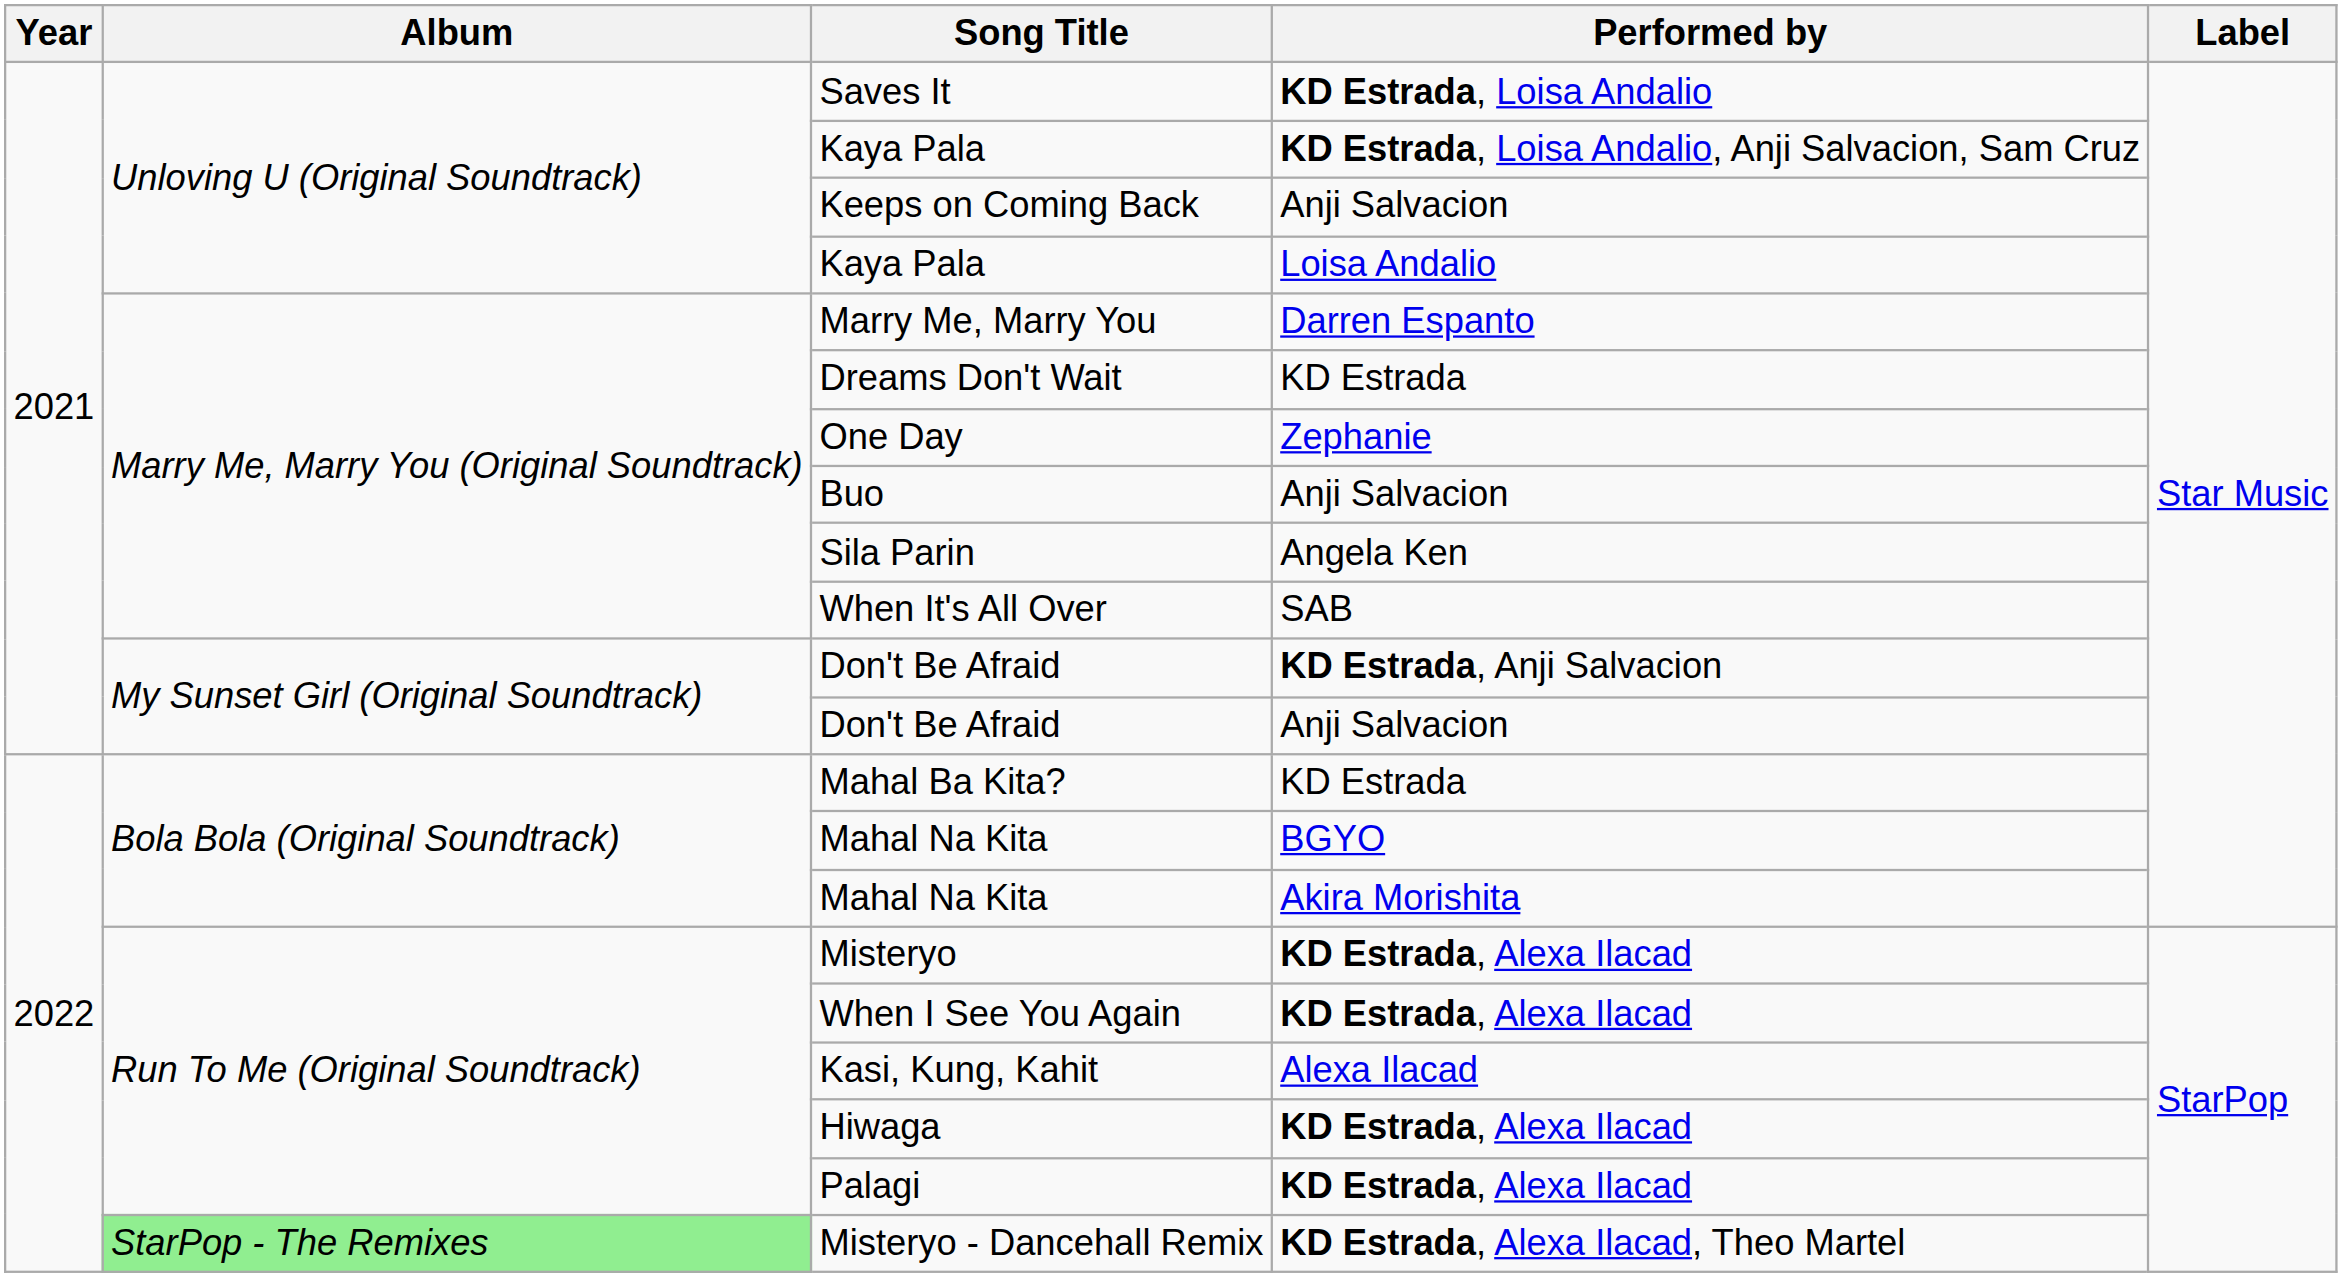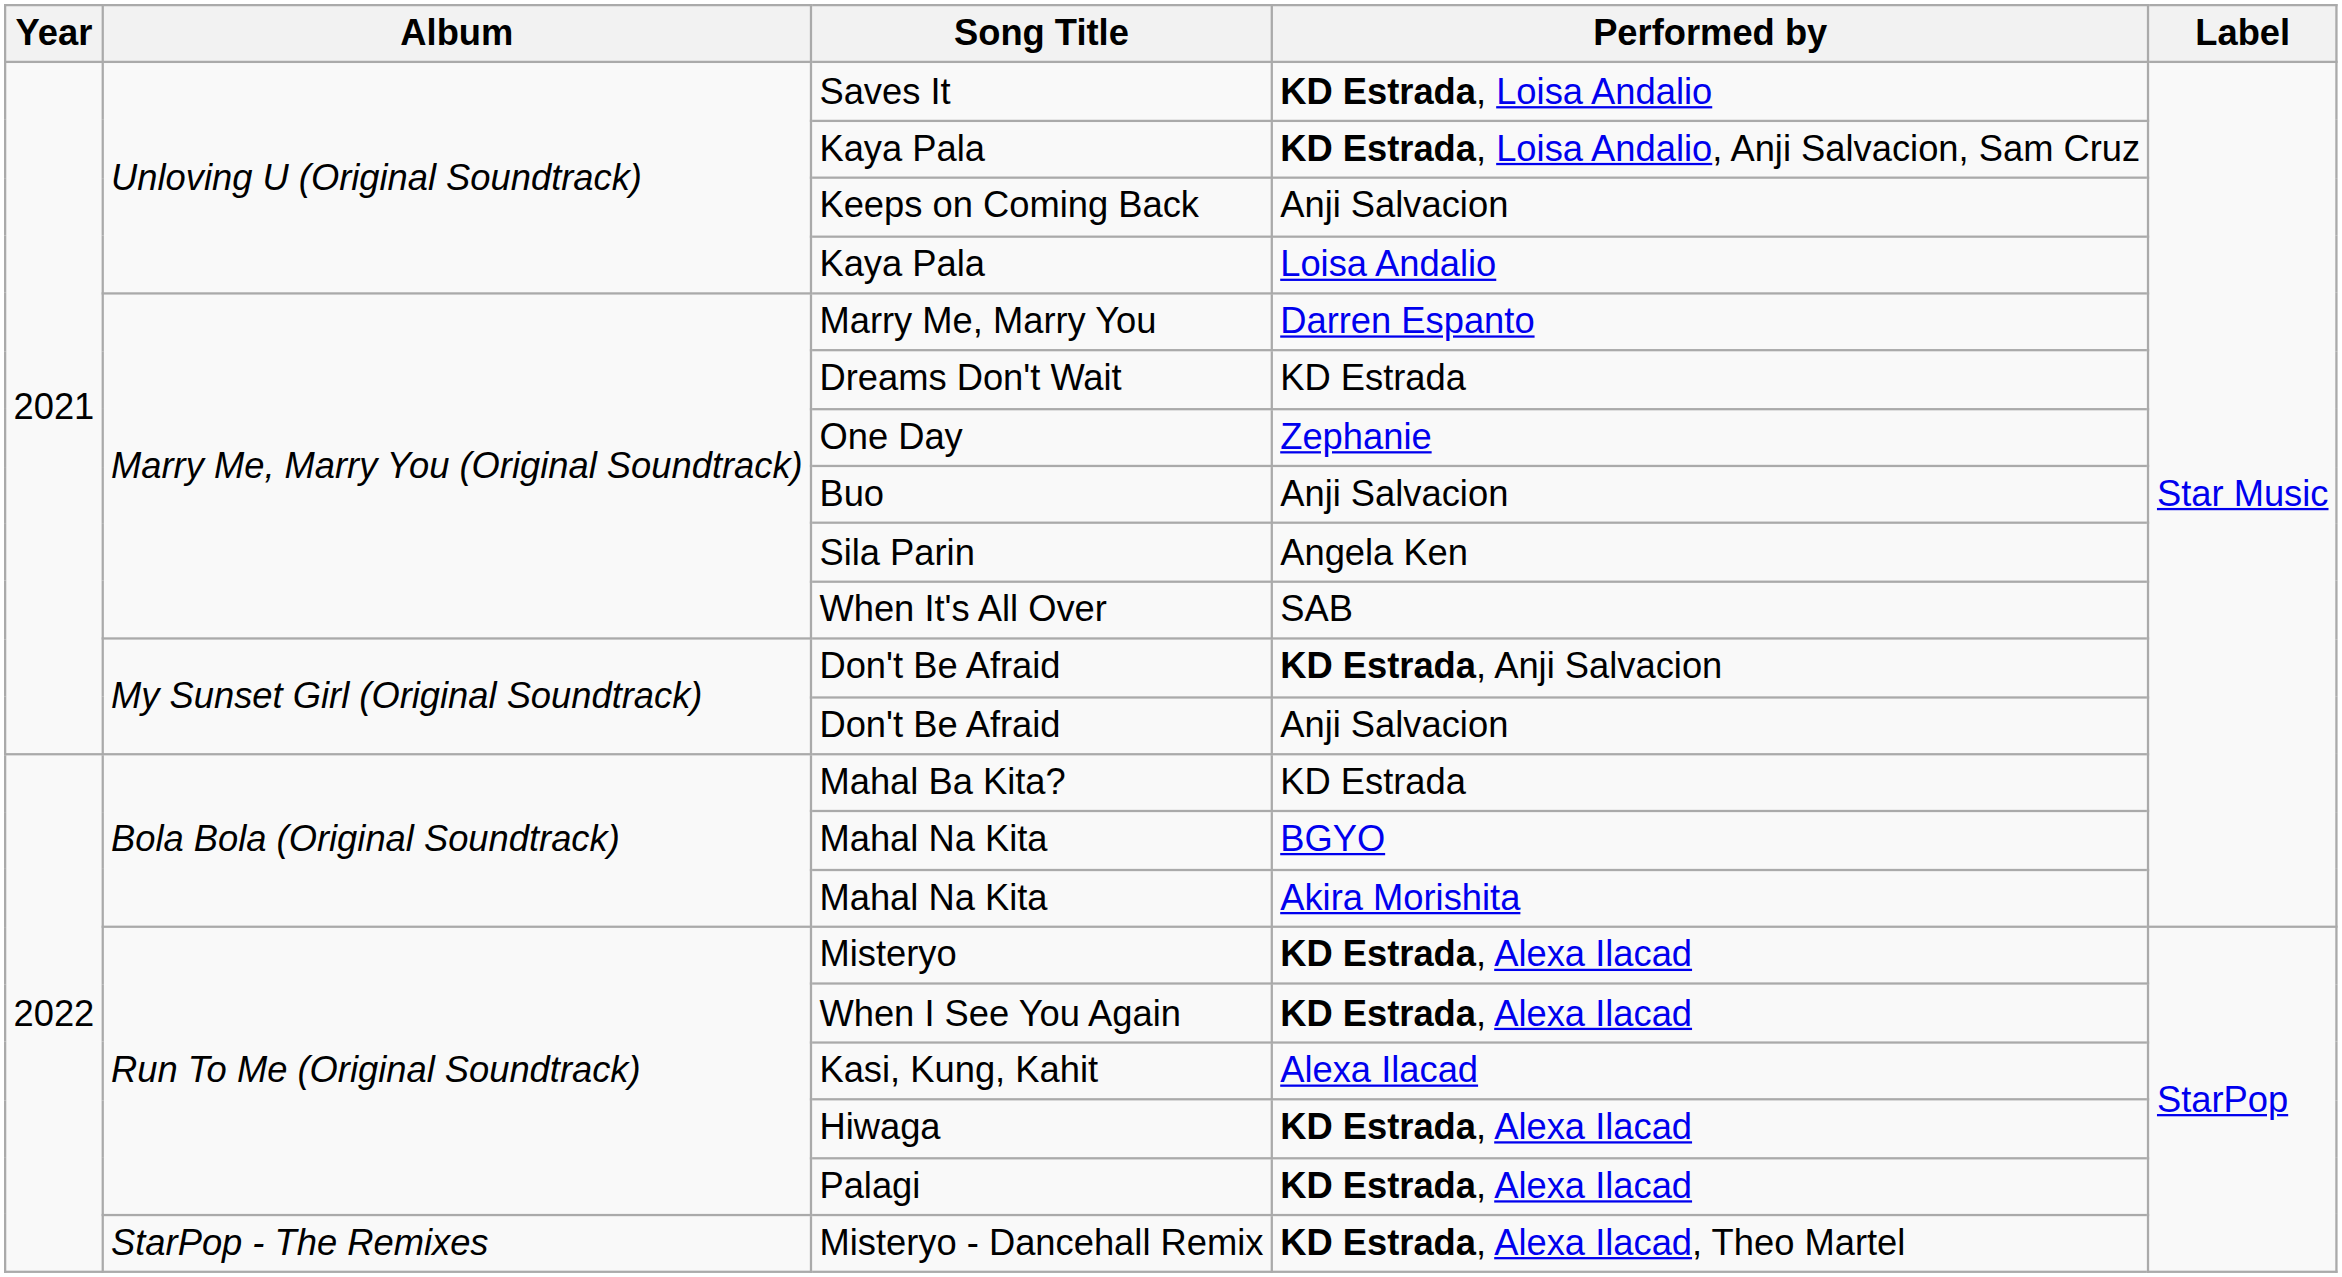 <table class="wikitable">
 <tr>
 <th>Year</th>
 <th>Album</th>
 <th>Song Title</th>
 <th>Performed by</th>
 <th>Label</th>
 </tr>
 <tr>
 <td rowspan="12">2021</td>
 <td rowspan="4"><em>Unloving U (Original Soundtrack)</em></td>
 <td>Saves It</td>
 <td><strong>KD Estrada</strong>, <a href='#'>Loisa Andalio</a></td>
 <td rowspan="15"><a href='#'>Star Music</a></td>
 </tr>
 <tr>
 <td>Kaya Pala</td>
 <td><strong>KD Estrada</strong>, <a href='#'>Loisa Andalio</a>, Anji Salvacion, Sam Cruz</td>
 </tr>
 <tr>
 <td>Keeps on Coming Back</td>
 <td>Anji Salvacion</td>
 </tr>
 <tr>
 <td>Kaya Pala</td>
 <td><a href='#'>Loisa Andalio</a></td>
 </tr>
 <tr>
 <td rowspan="6"><em>Marry Me, Marry You (Original Soundtrack)</em></td>
 <td>Marry Me, Marry You</td>
 <td><a href='#'>Darren Espanto</a></td>
 </tr>
 <tr>
 <td>Dreams Don't Wait</td>
 <td>KD Estrada</td>
 </tr>
 <tr>
 <td>One Day</td>
 <td><a href='#'>Zephanie</a></td>
 </tr>
 <tr>
 <td>Buo</td>
 <td>Anji Salvacion</td>
 </tr>
 <tr>
 <td>Sila Parin</td>
 <td>Angela Ken</td>
 </tr>
 <tr>
 <td>When It's All Over</td>
 <td>SAB</td>
 </tr>
 <tr>
 <td rowspan="2"><em>My Sunset Girl (Original Soundtrack)</em></td>
 <td>Don't Be Afraid</td>
 <td><strong>KD Estrada</strong>, Anji Salvacion</td>
 </tr>
 <tr>
 <td>Don't Be Afraid</td>
 <td>Anji Salvacion</td>
 </tr>
 <tr>
 <td rowspan="9">2022</td>
 <td rowspan="3"><em>Bola Bola (Original Soundtrack)</em></td>
 <td>Mahal Ba Kita?</td>
 <td>KD Estrada</td>
 </tr>
 <tr>
 <td>Mahal Na Kita</td>
 <td><a href='#'>BGYO</a></td>
 </tr>
 <tr>
 <td>Mahal Na Kita</td>
 <td><a href='#'>Akira Morishita</a></td>
 </tr>
 <tr>
 <td rowspan="5"><em>Run To Me (Original Soundtrack)</em></td>
 <td>Misteryo</td>
 <td><strong>KD Estrada</strong>, <a href='#'>Alexa Ilacad</a></td>
 <td rowspan="6"><a href='#'>StarPop</a></td>
 </tr>
 <tr>
 <td>When I See You Again</td>
 <td><strong>KD Estrada</strong>, <a href='#'>Alexa Ilacad</a></td>
 </tr>
 <tr>
 <td>Kasi, Kung, Kahit</td>
 <td><a href='#'>Alexa Ilacad</a></td>
 </tr>
 <tr>
 <td>Hiwaga</td>
 <td><strong>KD Estrada</strong>, <a href='#'>Alexa Ilacad</a></td>
 </tr>
 <tr>
 <td>Palagi</td>
 <td><strong>KD Estrada</strong>, <a href='#'>Alexa Ilacad</a></td>
 </tr>
 <tr>
-<td style="background: lightgreen;"><em>StarPop - The Remixes</em></td>
+<td><em>StarPop - The Remixes</em></td>
 <td>Misteryo - Dancehall Remix</td>
 <td><strong>KD Estrada</strong>, <a href='#'>Alexa Ilacad</a>, Theo Martel</td>
 </tr>
 </table>
